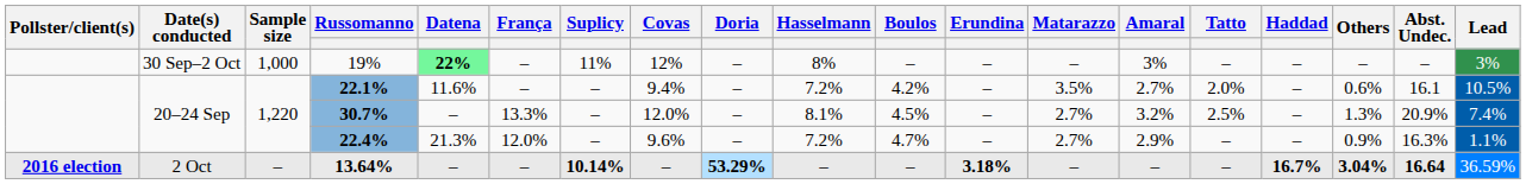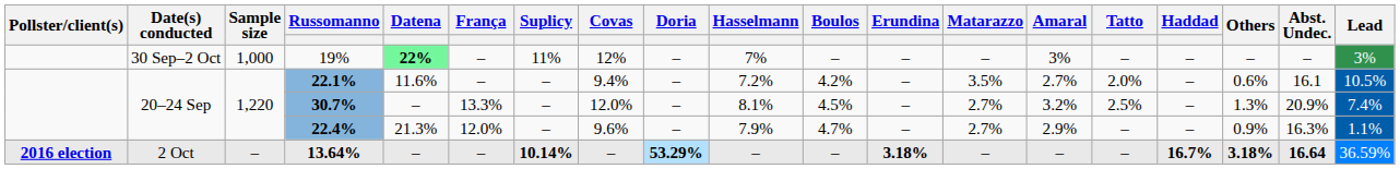 <table class="wikitable sortable" style="text-align:center;font-size:90%;line-height:14px;">
 <tr>
 <th rowspan="2">Pollster/client(s)</th>
 <th rowspan="2">Date(s)<br>conducted</th>
 <th rowspan="2" data-sort-type="number">Sample<br>size</th>
 <th class="unsortable" style="width:50px;"><a href='#'>Russomanno</a><br></th>
 <th class="unsortable" style="width:50px;"><a href='#'>Datena</a><br></th>
 <th class="unsortable" style="width:50px;"><a href='#'>França</a><br></th>
 <th class="unsortable" style="width:50px;"><a href='#'>Suplicy</a><br></th>
 <th class="unsortable" style="width:50px;"><a href='#'>Covas</a><br></th>
 <th class="unsortable" style="width:50px;"><a href='#'>Doria</a><br></th>
 <th class="unsortable" style="width:50px;"><a href='#'>Hasselmann</a><br></th>
 <th class="unsortable" style="width:50px;"><a href='#'>Boulos</a><br></th>
 <th class="unsortable" style="width:50px;"><a href='#'>Erundina</a><br></th>
 <th class="unsortable" style="width:50px;"><a href='#'>Matarazzo</a><br></th>
 <th class="unsortable" style="width:50px;"><a href='#'>Amaral</a><br></th>
 <th class="unsortable" style="width:50px;"><a href='#'>Tatto</a><br></th>
 <th class="unsortable" style="width:50px;"><a href='#'>Haddad</a><br></th>
 <th rowspan="2" class="unsortable">Others</th>
 <th rowspan="2" class="unsortable">Abst.<br>Undec.</th>
 <th rowspan="2" data-sort-type="number">Lead</th>
 </tr>
 <tr>
 <th data-sort-type="number" class="sortable" style="background:"></th>
 <th data-sort-type="number" class="sortable" style="background:"></th>
 <th data-sort-type="number" class="sortable" style="background:"></th>
 <th data-sort-type="number" class="sortable" style="background:"></th>
 <th data-sort-type="number" class="sortable" style="background:"></th>
 <th data-sort-type="number" class="sortable" style="background:"></th>
 <th data-sort-type="number" class="sortable" style="background:"></th>
 <th data-sort-type="number" class="sortable" style="background:"></th>
 <th data-sort-type="number" class="sortable" style="background:"></th>
 <th data-sort-type="number" class="sortable" style="background:"></th>
 <th data-sort-type="number" class="sortable" style="background:"></th>
 <th data-sort-type="number" class="sortable" style="background:"></th>
 <th data-sort-type="number" class="sortable" style="background:"></th>
 </tr>
 <tr>
 <td> </td>
 <td>30 Sep–2 Oct</td>
 <td>1,000</td>
 <td>19%</td>
 <td style="background:#74F79C;"><strong>22%</strong></td>
 <td>–</td>
 <td>11%</td>
 <td>12%</td>
 <td>–</td>
-<td>8%</td>
+<td>7%</td>
 <td>–</td>
 <td>–</td>
 <td>–</td>
 <td>3%</td>
 <td>–</td>
 <td>–</td>
 <td>–</td>
 <td>–</td>
 <td style="background:#30914D;color:#FFFFFF">3%</td>
 </tr>
 <tr>
 <td rowspan="3"></td>
 <td rowspan="3">20–24 Sep</td>
 <td rowspan="3">1,220</td>
 <td style="background:#84B4DB;"><strong>22.1%</strong></td>
 <td>11.6%</td>
 <td>–</td>
 <td>–</td>
 <td>9.4%</td>
 <td>–</td>
 <td>7.2%</td>
 <td>4.2%</td>
 <td>–</td>
 <td>3.5%</td>
 <td>2.7%</td>
 <td>2.0%</td>
 <td>–</td>
 <td>0.6%</td>
 <td>16.1</td>
 <td style="background:#005DAA;color:#FFFFFF;">10.5%</td>
 </tr>
 <tr>
 <td style="background:#84B4DB;"><strong>30.7%</strong></td>
 <td>–</td>
 <td>13.3%</td>
 <td>–</td>
 <td>12.0%</td>
 <td>–</td>
 <td>8.1%</td>
 <td>4.5%</td>
 <td>–</td>
 <td>2.7%</td>
 <td>3.2%</td>
 <td>2.5%</td>
 <td>–</td>
 <td>1.3%</td>
 <td>20.9%</td>
 <td style="background:#005DAA;color:#FFFFFF;">7.4%</td>
 </tr>
 <tr>
 <td style="background:#84B4DB;"><strong>22.4%</strong></td>
 <td>21.3%</td>
 <td>12.0%</td>
 <td>–</td>
 <td>9.6%</td>
 <td>–</td>
-<td>7.2%</td>
+<td>7.9%</td>
 <td>4.7%</td>
 <td>–</td>
 <td>2.7%</td>
 <td>2.9%</td>
 <td>–</td>
 <td>–</td>
 <td>0.9%</td>
 <td>16.3%</td>
 <td style="background:#005DAA;color:#FFFFFF;">1.1%</td>
 </tr>
 <tr style="background:#E9E9E9;">
 <td><a href='#'><strong>2016 election</strong></a></td>
 <td>2 Oct</td>
 <td>–</td>
 <td><strong>13.64%</strong></td>
 <td>–</td>
 <td>–</td>
 <td><strong>10.14%</strong></td>
 <td>–</td>
 <td style="background:#B3E0FF;"><strong>53.29%</strong></td>
 <td>–</td>
 <td>–</td>
 <td><strong>3.18%</strong></td>
 <td>–</td>
 <td>–</td>
 <td>–</td>
 <td><strong>16.7%</strong></td>
-<td><strong>3.04%</strong></td>
+<td><strong>3.18%</strong></td>
 <td><strong>16.64</strong></td>
 <td style="background:#0080FF;color:#FFFFFF;">36.59%</td>
 </tr>
 </table>
